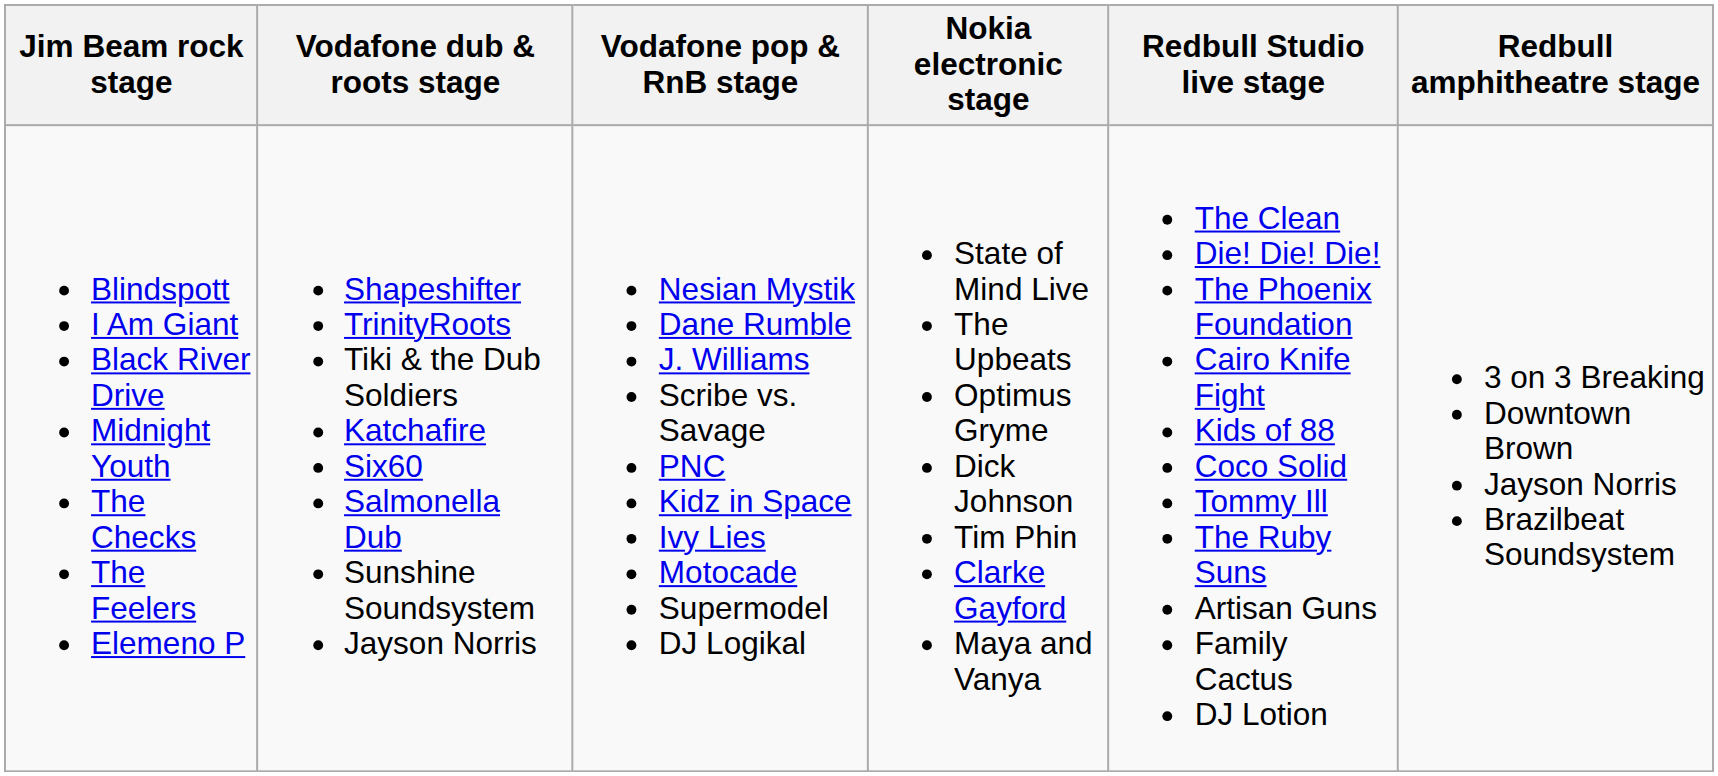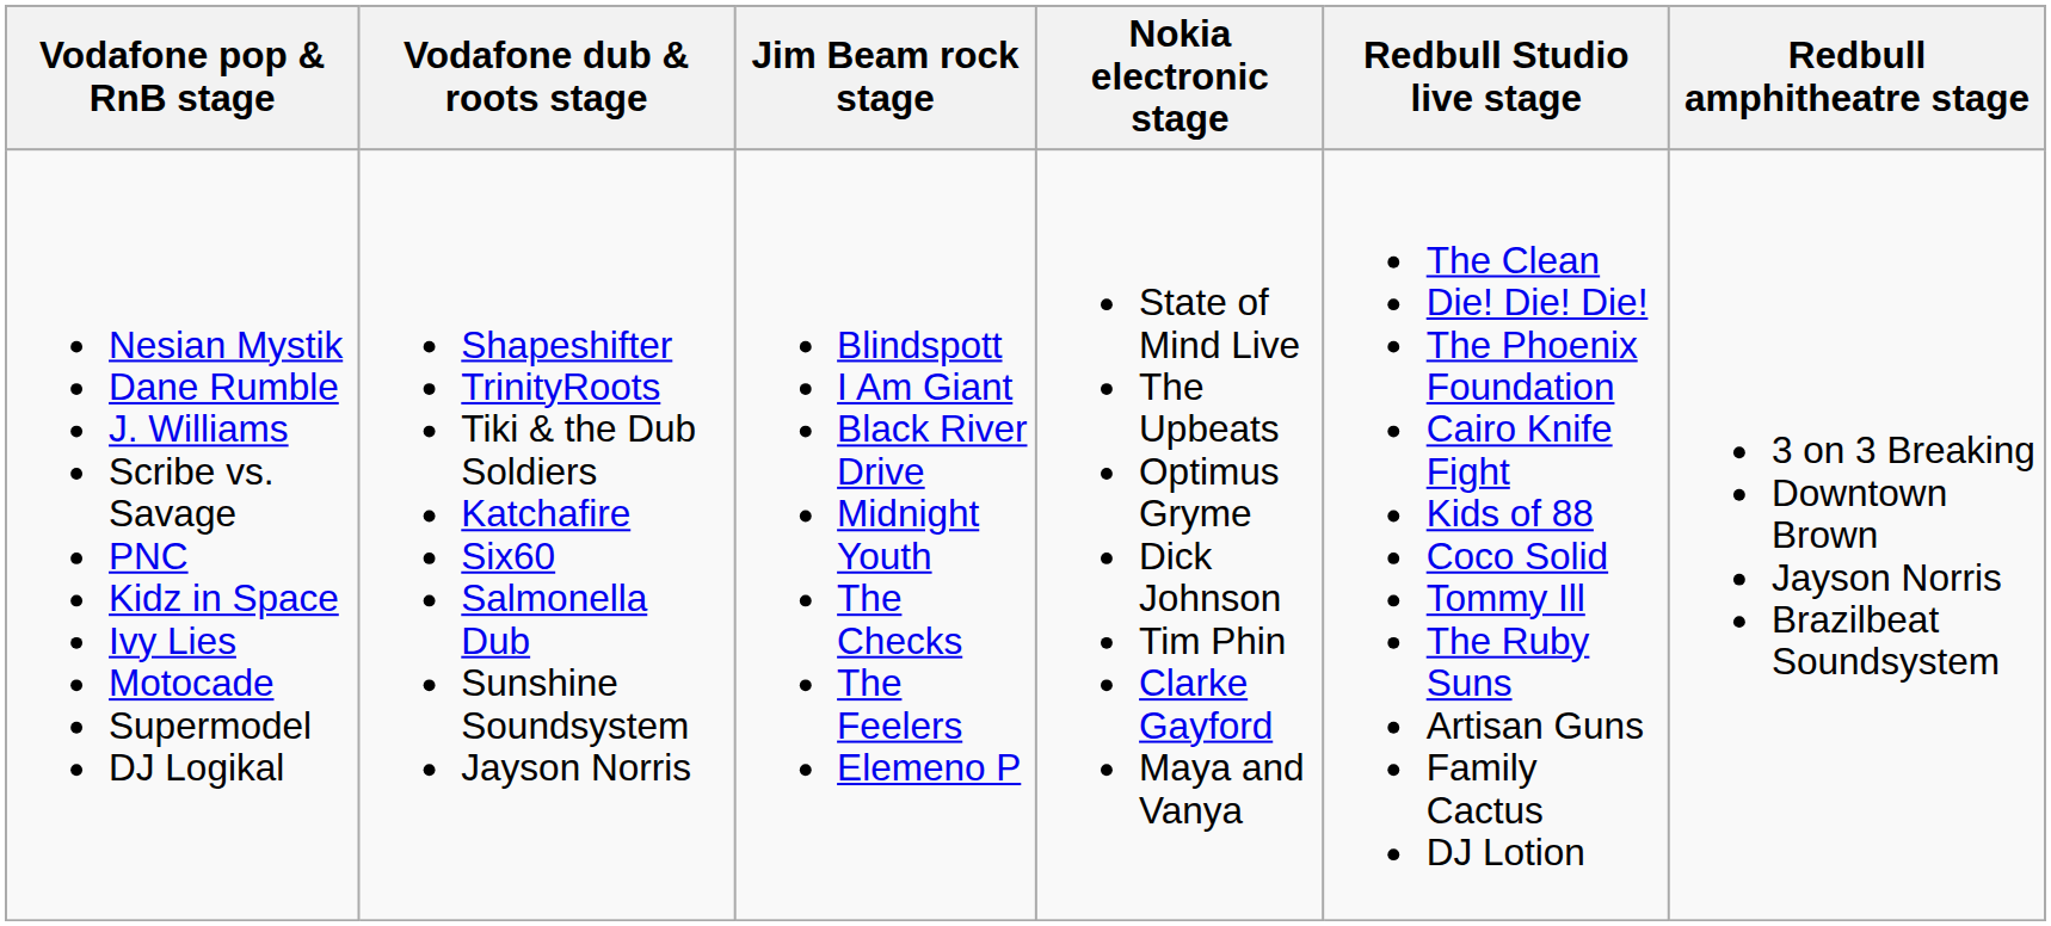 <table class="wikitable vertical-align-top">
 <tr>
+<th>Vodafone pop & RnB stage</th>
+<th>Vodafone dub & roots stage</th>
 <th>Jim Beam rock stage</th>
-<th>Vodafone dub & roots stage</th>
-<th>Vodafone pop & RnB stage</th>
 <th>Nokia electronic stage</th>
 <th>Redbull Studio live stage</th>
 <th>Redbull amphitheatre stage</th>
 </tr>
 <tr>
+<td><br><ul><li><a href='#'>Nesian Mystik</a></li><li><a href='#'>Dane Rumble</a></li><li><a href='#'>J. Williams</a></li><li>Scribe vs. Savage</li><li><a href='#'>PNC</a></li><li><a href='#'>Kidz in Space</a></li><li><a href='#'>Ivy Lies</a></li><li><a href='#'>Motocade</a></li><li>Supermodel</li><li>DJ Logikal</li></ul></td>
+<td><br><ul><li><a href='#'>Shapeshifter</a></li><li><a href='#'>TrinityRoots</a></li><li>Tiki & the Dub Soldiers</li><li><a href='#'>Katchafire</a></li><li><a href='#'>Six60</a></li><li><a href='#'>Salmonella Dub</a></li><li>Sunshine Soundsystem</li><li>Jayson Norris</li></ul></td>
 <td><br><ul><li><a href='#'>Blindspott</a></li><li><a href='#'>I Am Giant</a></li><li><a href='#'>Black River Drive</a></li><li><a href='#'>Midnight Youth</a></li><li><a href='#'>The Checks</a></li><li><a href='#'>The Feelers</a></li><li><a href='#'>Elemeno P</a></li></ul></td>
-<td><br><ul><li><a href='#'>Shapeshifter</a></li><li><a href='#'>TrinityRoots</a></li><li>Tiki & the Dub Soldiers</li><li><a href='#'>Katchafire</a></li><li><a href='#'>Six60</a></li><li><a href='#'>Salmonella Dub</a></li><li>Sunshine Soundsystem</li><li>Jayson Norris</li></ul></td>
-<td><br><ul><li><a href='#'>Nesian Mystik</a></li><li><a href='#'>Dane Rumble</a></li><li><a href='#'>J. Williams</a></li><li>Scribe vs. Savage</li><li><a href='#'>PNC</a></li><li><a href='#'>Kidz in Space</a></li><li><a href='#'>Ivy Lies</a></li><li><a href='#'>Motocade</a></li><li>Supermodel</li><li>DJ Logikal</li></ul></td>
 <td><br><ul><li>State of Mind Live</li><li>The Upbeats</li><li>Optimus Gryme</li><li>Dick Johnson</li><li>Tim Phin</li><li><a href='#'>Clarke Gayford</a></li><li>Maya and Vanya</li></ul></td>
 <td><br><ul><li><a href='#'>The Clean</a></li><li><a href='#'>Die! Die! Die!</a></li><li><a href='#'>The Phoenix Foundation</a></li><li><a href='#'>Cairo Knife Fight</a></li><li><a href='#'>Kids of 88</a></li><li><a href='#'>Coco Solid</a></li><li><a href='#'>Tommy Ill</a></li><li><a href='#'>The Ruby Suns</a></li><li>Artisan Guns</li><li>Family Cactus</li><li>DJ Lotion</li></ul></td>
 <td><br><ul><li>3 on 3 Breaking</li><li>Downtown Brown</li><li>Jayson Norris</li><li>Brazilbeat Soundsystem</li></ul></td>
 </tr>
 </table>
